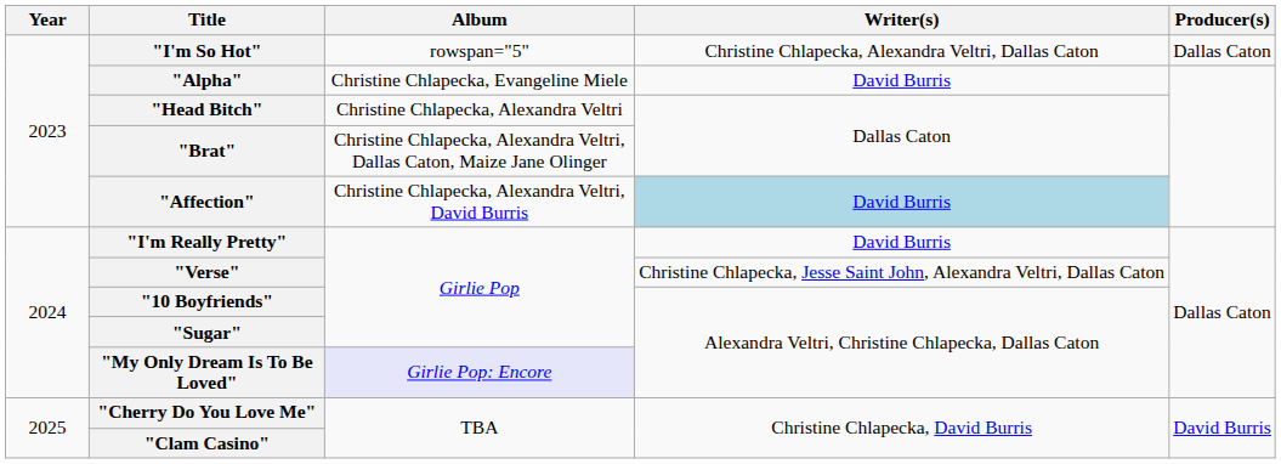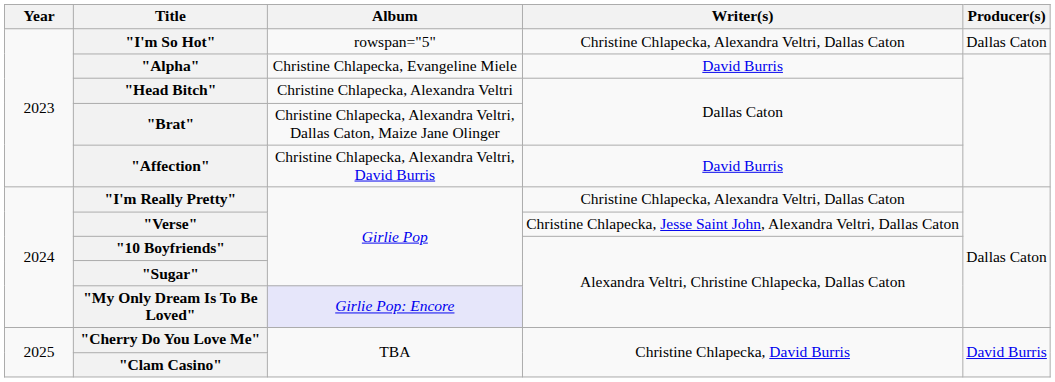 <table class="wikitable plainrowheaders" style="text-align:center;" border="1">
 <tr>
 <th scope="col" style="width:4em;">Year</th>
 <th scope="col" style="width:12em;">Title</th>
 <th scope="col" style="width:16em;">Album</th>
 <th>Writer(s)</th>
 <th>Producer(s)</th>
 </tr>
 <tr>
 <td rowspan="5">2023</td>
 <th scope="row">"I'm So Hot"</th>
 <td>rowspan="5"</td>
 <td>Christine Chlapecka, Alexandra Veltri, Dallas Caton</td>
 <td>Dallas Caton</td>
 </tr>
 <tr>
 <th scope="row">"Alpha"</th>
 <td>Christine Chlapecka, Evangeline Miele</td>
 <td><a href='#'>David Burris</a></td>
 </tr>
 <tr>
 <th scope="row">"Head Bitch"</th>
 <td>Christine Chlapecka, Alexandra Veltri</td>
 <td rowspan="2">Dallas Caton</td>
 </tr>
 <tr>
 <th scope="row">"Brat"</th>
 <td>Christine Chlapecka, Alexandra Veltri, Dallas Caton, Maize Jane Olinger</td>
 </tr>
 <tr>
 <th scope="row">"Affection"</th>
 <td>Christine Chlapecka, Alexandra Veltri, <a href='#'>David Burris</a></td>
-<td style="background: lightblue;"><a href='#'>David Burris</a></td>
+<td><a href='#'>David Burris</a></td>
 </tr>
 <tr>
 <td rowspan="5">2024</td>
 <th scope="row">"I'm Really Pretty"</th>
 <td rowspan="4"><em><a href='#'>Girlie Pop</a></em></td>
-<td><a href='#'>David Burris</a></td>
+<td>Christine Chlapecka, Alexandra Veltri, Dallas Caton</td>
 <td rowspan="5">Dallas Caton</td>
 </tr>
 <tr>
 <th scope="row">"Verse"</th>
 <td>Christine Chlapecka, <a href='#'>Jesse Saint John</a>, Alexandra Veltri, Dallas Caton</td>
 </tr>
 <tr>
 <th scope="row">"10 Boyfriends"</th>
 <td rowspan="3">Alexandra Veltri, Christine Chlapecka, Dallas Caton</td>
 </tr>
 <tr>
 <th scope="row">"Sugar"</th>
 </tr>
 <tr>
 <th scope="row">"My Only Dream Is To Be Loved"</th>
 <td style="background: lavender;"><em><a href='#'>Girlie Pop: Encore</a></em></td>
 </tr>
 <tr>
 <td rowspan="2">2025</td>
 <th scope="row">"Cherry Do You Love Me"</th>
 <td rowspan="2">TBA</td>
 <td rowspan="2">Christine Chlapecka, <a href='#'>David Burris</a></td>
 <td rowspan="2"><a href='#'>David Burris</a></td>
 </tr>
 <tr>
 <th scope="row">"Clam Casino"</th>
 </tr>
 </table>
